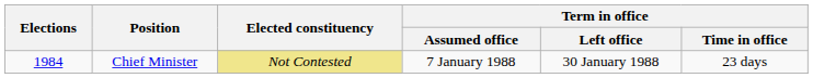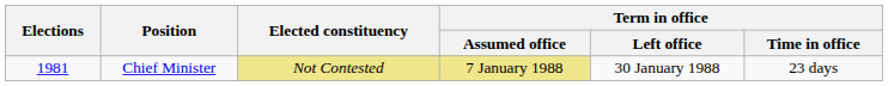 <table class="wikitable" style="width:100%; text-align:center">
 <tr>
 <th rowspan=2>Elections</th>
 <th rowspan=2>Position</th>
 <th rowspan=2>Elected constituency</th>
 <th colspan=3>Term in office</th>
 </tr>
 <tr>
 <th>Assumed office</th>
 <th>Left office</th>
 <th>Time in office</th>
 </tr>
 <tr>
-<td><a href='#'>1984</a></td>
+<td><a href='#'>1981</a></td>
 <td><a href='#'>Chief Minister</a></td>
 <td style="background: khaki;"><em>Not Contested</em></td>
-<td>7 January 1988</td>
+<td style="background: khaki;">7 January 1988</td>
 <td>30 January 1988</td>
 <td>23 days</td>
 </tr>
 </table>
